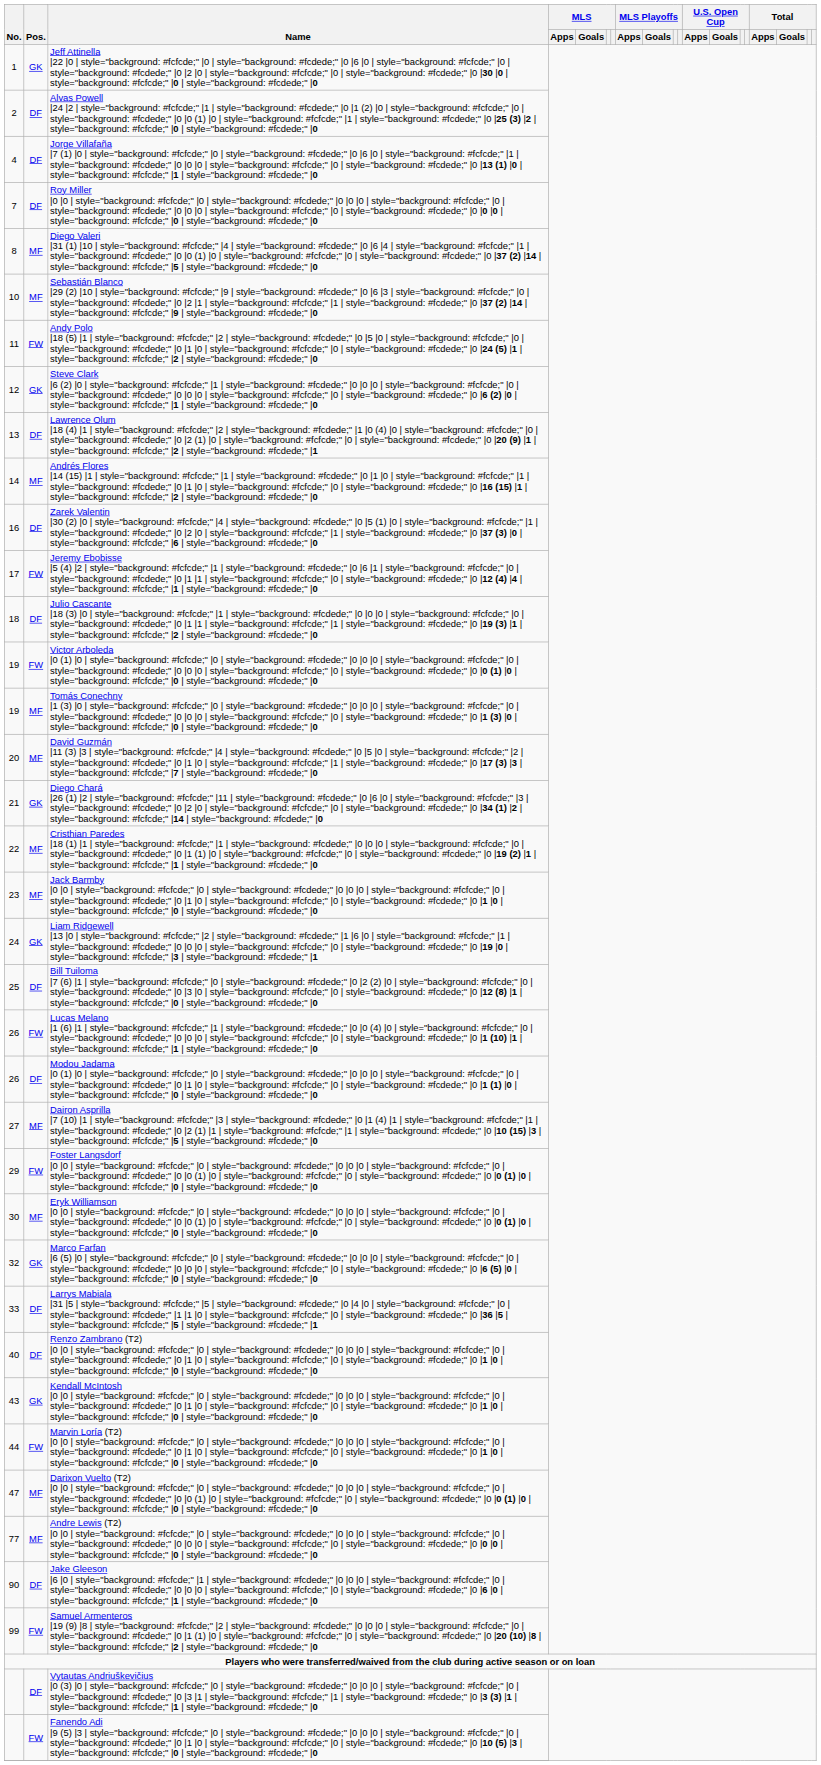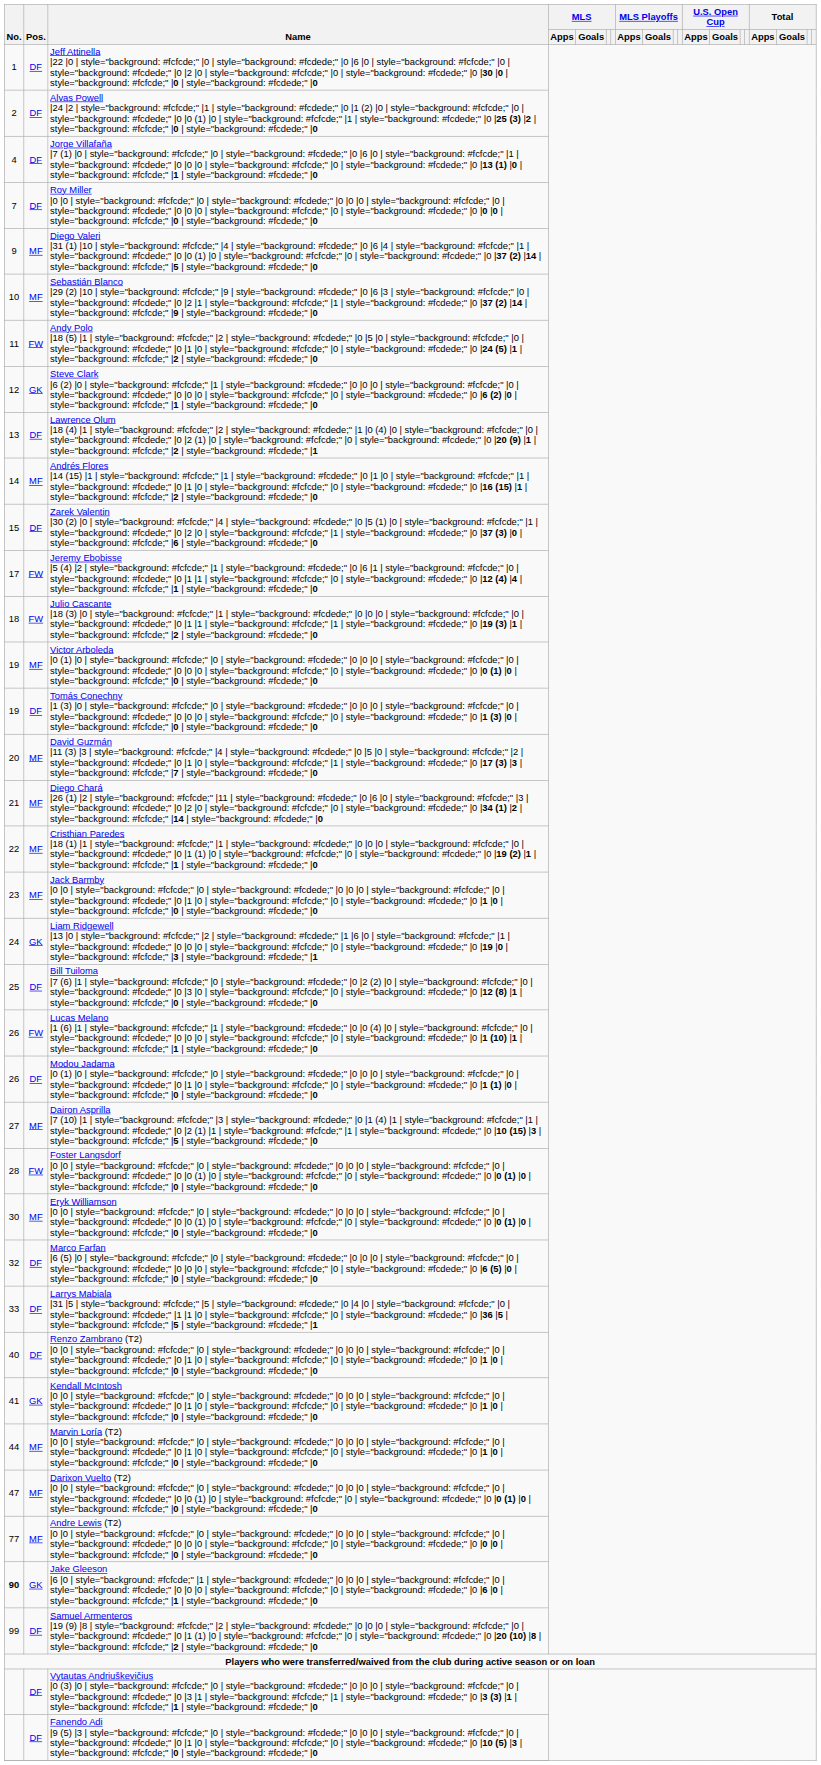 <table class="wikitable" style="font-size: 90%; text-align: center;">
 <tr>
 <th rowspan="2" style="vertical-align:bottom;">No.</th>
 <th rowspan="2" style="vertical-align:bottom;">Pos.</th>
 <th rowspan="2" style="vertical-align:bottom;">Name</th>
 <th colspan="4" style="width:85px;"><a href='#'>MLS</a></th>
 <th colspan="4" style="width:85px;"><a href='#'>MLS Playoffs</a></th>
 <th colspan="4" style="width:85px;"><a href='#'>U.S. Open Cup</a></th>
 <th colspan="4" style="width:85px;">Total</th>
 </tr>
 <tr>
 <th>Apps</th>
 <th>Goals</th>
 <th></th>
 <th></th>
 <th>Apps</th>
 <th>Goals</th>
 <th></th>
 <th></th>
 <th>Apps</th>
 <th>Goals</th>
 <th></th>
 <th></th>
 <th>Apps</th>
 <th>Goals</th>
 <th></th>
 <th></th>
 </tr>
 <tr>
 <td>1</td>
-<td><a href='#'>GK</a></td>
+<td><a href='#'>DF</a></td>
 <td align=left> <a href='#'>Jeff Attinella</a><br>                                        |22                                        |0  | style="background: #fcfcde;"      |0     | style="background: #fcdede;"      |0                                       |6                                     |0  | style="background: #fcfcde;"   |0  | style="background: #fcdede;"      |0                                        |2                                       |0  | style="background: #fcfcde;"     |0  | style="background: #fcdede;"        |0                                       |<strong>30</strong>                                      |<strong>0</strong>  | style="background: #fcfcde;"    |<strong>0</strong>  | style="background: #fcdede;"       |<strong>0</strong></td>
 </tr>
 <tr>
 <td>2</td>
 <td><a href='#'>DF</a></td>
 <td align=left> <a href='#'>Alvas Powell</a><br>                                        |24                                        |2  | style="background: #fcfcde;"      |1     | style="background: #fcdede;"      |0                                       |1 (2)                                     |0  | style="background: #fcfcde;"   |0  | style="background: #fcdede;"      |0                                        |0 (1)                                       |0  | style="background: #fcfcde;"     |1  | style="background: #fcdede;"        |0                                       |<strong>25 (3)</strong>                                      |<strong>2</strong>  | style="background: #fcfcde;"    |<strong>0</strong>  | style="background: #fcdede;"       |<strong>0</strong></td>
 </tr>
 <tr>
 <td>4</td>
 <td><a href='#'>DF</a></td>
 <td align=left> <a href='#'>Jorge Villafaña</a><br>                                        |7 (1)                                        |0  | style="background: #fcfcde;"      |0     | style="background: #fcdede;"      |0                                       |6                                     |0  | style="background: #fcfcde;"   |1  | style="background: #fcdede;"      |0                                        |0                                       |0  | style="background: #fcfcde;"     |0  | style="background: #fcdede;"        |0                                       |<strong>13 (1)</strong>                                      |<strong>0</strong>  | style="background: #fcfcde;"    |<strong>1</strong>  | style="background: #fcdede;"       |<strong>0</strong></td>
 </tr>
 <tr>
 <td>7</td>
 <td><a href='#'>DF</a></td>
 <td align=left> <a href='#'>Roy Miller</a><br>                                        |0                                        |0  | style="background: #fcfcde;"      |0     | style="background: #fcdede;"      |0                                       |0                                     |0  | style="background: #fcfcde;"   |0  | style="background: #fcdede;"      |0                                        |0                                       |0  | style="background: #fcfcde;"     |0  | style="background: #fcdede;"        |0                                       |<strong>0</strong>                                      |<strong>0</strong>  | style="background: #fcfcde;"    |<strong>0</strong>  | style="background: #fcdede;"       |<strong>0</strong></td>
 </tr>
 <tr>
-<td>8</td>
+<td>9</td>
 <td><a href='#'>MF</a></td>
 <td align=left> <a href='#'>Diego Valeri</a><br>                                        |31 (1)                                        |10  | style="background: #fcfcde;"      |4     | style="background: #fcdede;"      |0                                       |6                                     |4  | style="background: #fcfcde;"   |1  | style="background: #fcdede;"      |0                                        |0 (1)                                       |0  | style="background: #fcfcde;"     |0  | style="background: #fcdede;"        |0                                       |<strong>37 (2)</strong>                                      |<strong>14</strong>  | style="background: #fcfcde;"    |<strong>5</strong>  | style="background: #fcdede;"       |<strong>0</strong></td>
 </tr>
 <tr>
 <td>10</td>
 <td><a href='#'>MF</a></td>
 <td align=left> <a href='#'>Sebastián Blanco</a><br>                                        |29 (2)                                        |10  | style="background: #fcfcde;"      |9     | style="background: #fcdede;"      |0                                       |6                                     |3  | style="background: #fcfcde;"   |0  | style="background: #fcdede;"      |0                                        |2                                       |1  | style="background: #fcfcde;"     |1  | style="background: #fcdede;"        |0                                       |<strong>37 (2)</strong>                                      |<strong>14</strong>  | style="background: #fcfcde;"    |<strong>9</strong>  | style="background: #fcdede;"       |<strong>0</strong></td>
 </tr>
 <tr>
 <td>11</td>
 <td><a href='#'>FW</a></td>
 <td align=left> <a href='#'>Andy Polo</a><br>                                        |18 (5)                                        |1  | style="background: #fcfcde;"      |2     | style="background: #fcdede;"      |0                                       |5                                     |0  | style="background: #fcfcde;"   |0  | style="background: #fcdede;"      |0                                        |1                                       |0  | style="background: #fcfcde;"     |0  | style="background: #fcdede;"        |0                                       |<strong>24 (5)</strong>                                      |<strong>1</strong>  | style="background: #fcfcde;"    |<strong>2</strong>  | style="background: #fcdede;"       |<strong>0</strong></td>
 </tr>
 <tr>
 <td>12</td>
 <td><a href='#'>GK</a></td>
 <td align=left> <a href='#'>Steve Clark</a><br>                                        |6 (2)                                        |0  | style="background: #fcfcde;"      |1     | style="background: #fcdede;"      |0                                       |0                                     |0  | style="background: #fcfcde;"   |0  | style="background: #fcdede;"      |0                                        |0                                       |0  | style="background: #fcfcde;"     |0  | style="background: #fcdede;"        |0                                       |<strong>6 (2)</strong>                                      |<strong>0</strong>  | style="background: #fcfcde;"    |<strong>1</strong>  | style="background: #fcdede;"       |<strong>0</strong></td>
 </tr>
 <tr>
 <td>13</td>
 <td><a href='#'>DF</a></td>
 <td align=left> <a href='#'>Lawrence Olum</a><br>                                        |18 (4)                                        |1  | style="background: #fcfcde;"      |2     | style="background: #fcdede;"      |1                                       |0 (4)                                     |0  | style="background: #fcfcde;"   |0  | style="background: #fcdede;"      |0                                        |2 (1)                                       |0  | style="background: #fcfcde;"     |0  | style="background: #fcdede;"        |0                                       |<strong>20 (9)</strong>                                      |<strong>1</strong>  | style="background: #fcfcde;"    |<strong>2</strong>  | style="background: #fcdede;"       |<strong>1</strong></td>
 </tr>
 <tr>
 <td>14</td>
 <td><a href='#'>MF</a></td>
 <td align=left> <a href='#'>Andrés Flores</a><br>                                        |14 (15)                                        |1  | style="background: #fcfcde;"      |1     | style="background: #fcdede;"      |0                                       |1                                     |0  | style="background: #fcfcde;"   |1  | style="background: #fcdede;"      |0                                        |1                                       |0  | style="background: #fcfcde;"     |0  | style="background: #fcdede;"        |0                                       |<strong>16 (15)</strong>                                      |<strong>1</strong>  | style="background: #fcfcde;"    |<strong>2</strong>  | style="background: #fcdede;"       |<strong>0</strong></td>
 </tr>
 <tr>
-<td>16</td>
+<td>15</td>
 <td><a href='#'>DF</a></td>
 <td align=left> <a href='#'>Zarek Valentin</a><br>                                        |30 (2)                                        |0  | style="background: #fcfcde;"      |4     | style="background: #fcdede;"      |0                                       |5 (1)                                     |0  | style="background: #fcfcde;"   |1  | style="background: #fcdede;"      |0                                        |2                                       |0  | style="background: #fcfcde;"     |1  | style="background: #fcdede;"        |0                                       |<strong>37 (3)</strong>                                      |<strong>0</strong>  | style="background: #fcfcde;"    |<strong>6</strong>  | style="background: #fcdede;"       |<strong>0</strong></td>
 </tr>
 <tr>
 <td>17</td>
 <td><a href='#'>FW</a></td>
 <td align=left> <a href='#'>Jeremy Ebobisse</a><br>                                        |5 (4)                                        |2  | style="background: #fcfcde;"      |1     | style="background: #fcdede;"      |0                                       |6                                     |1  | style="background: #fcfcde;"   |0  | style="background: #fcdede;"      |0                                        |1                                       |1  | style="background: #fcfcde;"     |0  | style="background: #fcdede;"        |0                                       |<strong>12 (4)</strong>                                      |<strong>4</strong>  | style="background: #fcfcde;"    |<strong>1</strong>  | style="background: #fcdede;"       |<strong>0</strong></td>
 </tr>
 <tr>
 <td>18</td>
-<td><a href='#'>DF</a></td>
+<td><a href='#'>FW</a></td>
 <td align=left> <a href='#'>Julio Cascante</a><br>                                        |18 (3)                                        |0  | style="background: #fcfcde;"      |1     | style="background: #fcdede;"      |0                                       |0                                     |0  | style="background: #fcfcde;"   |0  | style="background: #fcdede;"      |0                                        |1                                       |1  | style="background: #fcfcde;"     |1  | style="background: #fcdede;"        |0                                       |<strong>19 (3)</strong>                                      |<strong>1</strong>  | style="background: #fcfcde;"    |<strong>2</strong>  | style="background: #fcdede;"       |<strong>0</strong></td>
 </tr>
 <tr>
 <td>19</td>
-<td><a href='#'>FW</a></td>
+<td><a href='#'>MF</a></td>
 <td align=left> <a href='#'>Victor Arboleda</a><br>                                        |0 (1)                                        |0  | style="background: #fcfcde;"      |0     | style="background: #fcdede;"      |0                                       |0                                     |0  | style="background: #fcfcde;"   |0  | style="background: #fcdede;"      |0                                        |0                                       |0  | style="background: #fcfcde;"     |0  | style="background: #fcdede;"        |0                                       |<strong>0 (1)</strong>                                      |<strong>0</strong>  | style="background: #fcfcde;"    |<strong>0</strong>  | style="background: #fcdede;"       |<strong>0</strong></td>
 </tr>
 <tr>
 <td>19</td>
-<td><a href='#'>MF</a></td>
+<td><a href='#'>DF</a></td>
 <td align=left> <a href='#'>Tomás Conechny</a><br>                                        |1 (3)                                        |0  | style="background: #fcfcde;"      |0     | style="background: #fcdede;"      |0                                       |0                                     |0  | style="background: #fcfcde;"   |0  | style="background: #fcdede;"      |0                                        |0                                       |0  | style="background: #fcfcde;"     |0  | style="background: #fcdede;"        |0                                       |<strong>1 (3)</strong>                                      |<strong>0</strong>  | style="background: #fcfcde;"    |<strong>0</strong>  | style="background: #fcdede;"       |<strong>0</strong></td>
 </tr>
 <tr>
 <td>20</td>
 <td><a href='#'>MF</a></td>
 <td align=left> <a href='#'>David Guzmán</a><br>                                        |11 (3)                                        |3  | style="background: #fcfcde;"      |4     | style="background: #fcdede;"      |0                                       |5                                     |0  | style="background: #fcfcde;"   |2  | style="background: #fcdede;"      |0                                        |1                                       |0  | style="background: #fcfcde;"     |1  | style="background: #fcdede;"        |0                                       |<strong>17 (3)</strong>                                      |<strong>3</strong>  | style="background: #fcfcde;"    |<strong>7</strong>  | style="background: #fcdede;"       |<strong>0</strong></td>
 </tr>
 <tr>
 <td>21</td>
-<td><a href='#'>GK</a></td>
+<td><a href='#'>MF</a></td>
 <td align=left> <a href='#'>Diego Chará</a><br>                                        |26 (1)                                        |2  | style="background: #fcfcde;"      |11     | style="background: #fcdede;"      |0                                       |6                                     |0  | style="background: #fcfcde;"   |3  | style="background: #fcdede;"      |0                                        |2                                       |0  | style="background: #fcfcde;"     |0  | style="background: #fcdede;"        |0                                       |<strong>34 (1)</strong>                                      |<strong>2</strong>  | style="background: #fcfcde;"    |<strong>14</strong>  | style="background: #fcdede;"       |<strong>0</strong></td>
 </tr>
 <tr>
 <td>22</td>
 <td><a href='#'>MF</a></td>
 <td align=left> <a href='#'>Cristhian Paredes</a><br>                                        |18 (1)                                        |1  | style="background: #fcfcde;"      |1     | style="background: #fcdede;"      |0                                       |0                                     |0  | style="background: #fcfcde;"   |0  | style="background: #fcdede;"      |0                                        |1 (1)                                       |0  | style="background: #fcfcde;"     |0  | style="background: #fcdede;"        |0                                       |<strong>19 (2)</strong>                                      |<strong>1</strong>  | style="background: #fcfcde;"    |<strong>1</strong>  | style="background: #fcdede;"       |<strong>0</strong></td>
 </tr>
 <tr>
 <td>23</td>
 <td><a href='#'>MF</a></td>
 <td align=left> <a href='#'>Jack Barmby</a><br>                                        |0                                        |0  | style="background: #fcfcde;"      |0     | style="background: #fcdede;"      |0                                       |0                                     |0  | style="background: #fcfcde;"   |0  | style="background: #fcdede;"      |0                                        |1                                       |0  | style="background: #fcfcde;"     |0  | style="background: #fcdede;"        |0                                       |<strong>1</strong>                                      |<strong>0</strong>  | style="background: #fcfcde;"    |<strong>0</strong>  | style="background: #fcdede;"       |<strong>0</strong></td>
 </tr>
 <tr>
 <td>24</td>
 <td><a href='#'>GK</a></td>
 <td align=left> <a href='#'>Liam Ridgewell</a><br>                                        |13                                        |0  | style="background: #fcfcde;"      |2     | style="background: #fcdede;"      |1                                       |6                                     |0  | style="background: #fcfcde;"   |1  | style="background: #fcdede;"      |0                                        |0                                       |0  | style="background: #fcfcde;"     |0  | style="background: #fcdede;"        |0                                       |<strong>19</strong>                                      |<strong>0</strong>  | style="background: #fcfcde;"    |<strong>3</strong>  | style="background: #fcdede;"       |<strong>1</strong></td>
 </tr>
 <tr>
 <td>25</td>
 <td><a href='#'>DF</a></td>
 <td align=left> <a href='#'>Bill Tuiloma</a><br>                                        |7 (6)                                        |1  | style="background: #fcfcde;"      |0     | style="background: #fcdede;"      |0                                       |2 (2)                                     |0  | style="background: #fcfcde;"   |0  | style="background: #fcdede;"      |0                                        |3                                       |0  | style="background: #fcfcde;"     |0  | style="background: #fcdede;"        |0                                       |<strong>12 (8)</strong>                                      |<strong>1</strong>  | style="background: #fcfcde;"    |<strong>0</strong>  | style="background: #fcdede;"       |<strong>0</strong></td>
 </tr>
 <tr>
 <td>26</td>
 <td><a href='#'>FW</a></td>
 <td align=left> <a href='#'>Lucas Melano</a><br>                                        |1 (6)                                        |1  | style="background: #fcfcde;"      |1     | style="background: #fcdede;"      |0                                       |0 (4)                                     |0  | style="background: #fcfcde;"   |0  | style="background: #fcdede;"      |0                                        |0                                       |0  | style="background: #fcfcde;"     |0  | style="background: #fcdede;"        |0                                       |<strong>1 (10)</strong>                                      |<strong>1</strong>  | style="background: #fcfcde;"    |<strong>1</strong>  | style="background: #fcdede;"       |<strong>0</strong></td>
 </tr>
 <tr>
 <td>26</td>
 <td><a href='#'>DF</a></td>
 <td align=left> <a href='#'>Modou Jadama</a><br>                                        |0 (1)                                        |0  | style="background: #fcfcde;"      |0     | style="background: #fcdede;"      |0                                       |0                                     |0  | style="background: #fcfcde;"   |0  | style="background: #fcdede;"      |0                                        |1                                       |0  | style="background: #fcfcde;"     |0  | style="background: #fcdede;"        |0                                       |<strong>1 (1)</strong>                                      |<strong>0</strong>  | style="background: #fcfcde;"    |<strong>0</strong>  | style="background: #fcdede;"       |<strong>0</strong></td>
 </tr>
 <tr>
 <td>27</td>
 <td><a href='#'>MF</a></td>
 <td align=left> <a href='#'>Dairon Asprilla</a><br>                                        |7 (10)                                        |1  | style="background: #fcfcde;"      |3     | style="background: #fcdede;"      |0                                       |1 (4)                                     |1  | style="background: #fcfcde;"   |1  | style="background: #fcdede;"      |0                                        |2 (1)                                       |1  | style="background: #fcfcde;"     |1  | style="background: #fcdede;"        |0                                       |<strong>10 (15)</strong>                                      |<strong>3</strong>  | style="background: #fcfcde;"    |<strong>5</strong>  | style="background: #fcdede;"       |<strong>0</strong></td>
 </tr>
 <tr>
-<td>29</td>
+<td>28</td>
 <td><a href='#'>FW</a></td>
 <td align=left> <a href='#'>Foster Langsdorf</a><br>                                        |0                                        |0  | style="background: #fcfcde;"      |0     | style="background: #fcdede;"      |0                                       |0                                     |0  | style="background: #fcfcde;"   |0  | style="background: #fcdede;"      |0                                        |0 (1)                                       |0  | style="background: #fcfcde;"     |0  | style="background: #fcdede;"        |0                                       |<strong>0 (1)</strong>                                      |<strong>0</strong>  | style="background: #fcfcde;"    |<strong>0</strong>  | style="background: #fcdede;"       |<strong>0</strong></td>
 </tr>
 <tr>
 <td>30</td>
 <td><a href='#'>MF</a></td>
 <td align=left> <a href='#'>Eryk Williamson</a><br>                                        |0                                        |0  | style="background: #fcfcde;"      |0     | style="background: #fcdede;"      |0                                       |0                                     |0  | style="background: #fcfcde;"   |0  | style="background: #fcdede;"      |0                                        |0 (1)                                       |0  | style="background: #fcfcde;"     |0  | style="background: #fcdede;"        |0                                       |<strong>0 (1)</strong>                                      |<strong>0</strong>  | style="background: #fcfcde;"    |<strong>0</strong>  | style="background: #fcdede;"       |<strong>0</strong></td>
 </tr>
 <tr>
 <td>32</td>
-<td><a href='#'>GK</a></td>
+<td><a href='#'>DF</a></td>
 <td align=left> <a href='#'>Marco Farfan</a><br>                                        |6 (5)                                        |0  | style="background: #fcfcde;"      |0     | style="background: #fcdede;"      |0                                       |0                                     |0  | style="background: #fcfcde;"   |0  | style="background: #fcdede;"      |0                                        |0                                       |0  | style="background: #fcfcde;"     |0  | style="background: #fcdede;"        |0                                       |<strong>6 (5)</strong>                                      |<strong>0</strong>  | style="background: #fcfcde;"    |<strong>0</strong>  | style="background: #fcdede;"       |<strong>0</strong></td>
 </tr>
 <tr>
 <td>33</td>
 <td><a href='#'>DF</a></td>
 <td align=left> <a href='#'>Larrys Mabiala</a><br>                                        |31                                        |5  | style="background: #fcfcde;"      |5     | style="background: #fcdede;"      |0                                       |4                                     |0  | style="background: #fcfcde;"   |0  | style="background: #fcdede;"      |1                                        |1                                       |0  | style="background: #fcfcde;"     |0  | style="background: #fcdede;"        |0                                       |<strong>36</strong>                                      |<strong>5</strong>  | style="background: #fcfcde;"    |<strong>5</strong>  | style="background: #fcdede;"       |<strong>1</strong></td>
 </tr>
 <tr>
 <td>40</td>
 <td><a href='#'>DF</a></td>
 <td align=left> <a href='#'>Renzo Zambrano</a> (T2)<br>                                        |0                                        |0  | style="background: #fcfcde;"      |0     | style="background: #fcdede;"      |0                                       |0                                     |0  | style="background: #fcfcde;"   |0  | style="background: #fcdede;"      |0                                        |1                                       |0  | style="background: #fcfcde;"     |0  | style="background: #fcdede;"        |0                                       |<strong>1</strong>                                      |<strong>0</strong>  | style="background: #fcfcde;"    |<strong>0</strong>  | style="background: #fcdede;"       |<strong>0</strong></td>
 </tr>
 <tr>
-<td>43</td>
+<td>41</td>
 <td><a href='#'>GK</a></td>
 <td align=left> <a href='#'>Kendall McIntosh</a><br>                                        |0                                        |0  | style="background: #fcfcde;"      |0     | style="background: #fcdede;"      |0                                       |0                                     |0  | style="background: #fcfcde;"   |0  | style="background: #fcdede;"      |0                                        |1                                       |0  | style="background: #fcfcde;"     |0  | style="background: #fcdede;"        |0                                       |<strong>1</strong>                                      |<strong>0</strong>  | style="background: #fcfcde;"    |<strong>0</strong>  | style="background: #fcdede;"       |<strong>0</strong></td>
 </tr>
 <tr>
 <td>44</td>
-<td><a href='#'>FW</a></td>
+<td><a href='#'>MF</a></td>
 <td align=left> <a href='#'>Marvin Loría</a> (T2)<br>                                        |0                                        |0  | style="background: #fcfcde;"      |0     | style="background: #fcdede;"      |0                                       |0                                     |0  | style="background: #fcfcde;"   |0  | style="background: #fcdede;"      |0                                        |1                                       |0  | style="background: #fcfcde;"     |0  | style="background: #fcdede;"        |0                                       |<strong>1</strong>                                      |<strong>0</strong>  | style="background: #fcfcde;"    |<strong>0</strong>  | style="background: #fcdede;"       |<strong>0</strong></td>
 </tr>
 <tr>
 <td>47</td>
 <td><a href='#'>MF</a></td>
 <td align=left> <a href='#'>Darixon Vuelto</a> (T2)<br>                                        |0                                        |0  | style="background: #fcfcde;"      |0     | style="background: #fcdede;"      |0                                       |0                                     |0  | style="background: #fcfcde;"   |0  | style="background: #fcdede;"      |0                                        |0 (1)                                       |0  | style="background: #fcfcde;"     |0  | style="background: #fcdede;"        |0                                       |<strong>0 (1)</strong>                                      |<strong>0</strong>  | style="background: #fcfcde;"    |<strong>0</strong>  | style="background: #fcdede;"       |<strong>0</strong></td>
 </tr>
 <tr>
 <td>77</td>
 <td><a href='#'>MF</a></td>
 <td align=left> <a href='#'>Andre Lewis</a> (T2)<br>                                        |0                                        |0  | style="background: #fcfcde;"      |0     | style="background: #fcdede;"      |0                                       |0                                     |0  | style="background: #fcfcde;"   |0  | style="background: #fcdede;"      |0                                        |0                                       |0  | style="background: #fcfcde;"     |0  | style="background: #fcdede;"        |0                                       |<strong>0</strong>                                      |<strong>0</strong>  | style="background: #fcfcde;"    |<strong>0</strong>  | style="background: #fcdede;"       |<strong>0</strong></td>
 </tr>
 <tr>
-<td>90</td>
-<td><a href='#'>DF</a></td>
+<td><strong>90</strong></td>
+<td><a href='#'>GK</a></td>
 <td align=left> <a href='#'>Jake Gleeson</a><br>                                        |6                                        |0  | style="background: #fcfcde;"      |1     | style="background: #fcdede;"      |0                                       |0                                     |0  | style="background: #fcfcde;"   |0  | style="background: #fcdede;"      |0                                        |0                                       |0  | style="background: #fcfcde;"     |0  | style="background: #fcdede;"        |0                                       |<strong>6</strong>                                      |<strong>0</strong>  | style="background: #fcfcde;"    |<strong>1</strong>  | style="background: #fcdede;"       |<strong>0</strong></td>
 </tr>
 <tr>
 <td>99</td>
-<td><a href='#'>FW</a></td>
+<td><a href='#'>DF</a></td>
 <td align=left> <a href='#'>Samuel Armenteros</a><br>                                        |19 (9)                                        |8  | style="background: #fcfcde;"      |2     | style="background: #fcdede;"      |0                                       |0                                     |0  | style="background: #fcfcde;"   |0  | style="background: #fcdede;"      |0                                        |1 (1)                                       |0  | style="background: #fcfcde;"     |0  | style="background: #fcdede;"        |0                                       |<strong>20 (10)</strong>                                      |<strong>8</strong>  | style="background: #fcfcde;"    |<strong>2</strong>  | style="background: #fcdede;"       |<strong>0</strong></td>
 </tr>
 <tr>
 <td colspan="23"><strong>Players who were transferred/waived from the club during active season or on loan</strong></td>
 </tr>
 <tr>
 <td></td>
 <td><a href='#'>DF</a></td>
 <td align=left> <a href='#'>Vytautas Andriuškevičius</a><br>                                        |0 (3)                                        |0  | style="background: #fcfcde;"      |0     | style="background: #fcdede;"      |0                                       |0                                     |0  | style="background: #fcfcde;"   |0  | style="background: #fcdede;"      |0                                        |3                                       |1  | style="background: #fcfcde;"     |1  | style="background: #fcdede;"        |0                                       |<strong>3 (3)</strong>                                      |<strong>1</strong>  | style="background: #fcfcde;"    |<strong>1</strong>  | style="background: #fcdede;"       |<strong>0</strong></td>
 </tr>
 <tr>
 <td></td>
-<td><a href='#'>FW</a></td>
+<td><a href='#'>DF</a></td>
 <td align=left> <a href='#'>Fanendo Adi</a><br>                                        |9 (5)                                        |3  | style="background: #fcfcde;"      |0     | style="background: #fcdede;"      |0                                       |0                                     |0  | style="background: #fcfcde;"   |0  | style="background: #fcdede;"      |0                                        |1                                       |0  | style="background: #fcfcde;"     |0  | style="background: #fcdede;"        |0                                       |<strong>10 (5)</strong>                                      |<strong>3</strong>  | style="background: #fcfcde;"    |<strong>0</strong>  | style="background: #fcdede;"       |<strong>0</strong></td>
 </tr>
 <tr>
 </tr>
 </table>
